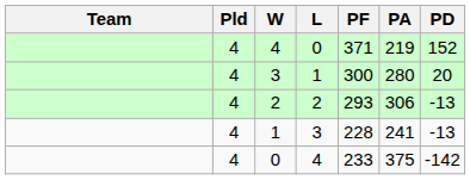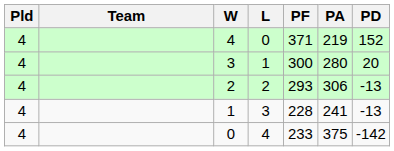 <table class="wikitable" style="text-align:center;">
 <tr>
+<th width=30>Pld</th>
 <th width=180>Team</th>
-<th width=30>Pld</th>
 <th width=30>W</th>
 <th width=30>L</th>
 <th width=30>PF</th>
 <th width=30>PA</th>
 <th width=30>PD</th>
 </tr>
 <tr bgcolor="#ccffcc">
+<td>4</td>
 <td align=left></td>
-<td>4</td>
 <td>4</td>
 <td>0</td>
 <td>371</td>
 <td>219</td>
 <td>152</td>
 </tr>
 <tr bgcolor="#ccffcc">
+<td>4</td>
 <td align=left></td>
-<td>4</td>
 <td>3</td>
 <td>1</td>
 <td>300</td>
 <td>280</td>
 <td>20</td>
 </tr>
 <tr bgcolor="#ccffcc">
+<td>4</td>
 <td align=left></td>
-<td>4</td>
 <td>2</td>
 <td>2</td>
 <td>293</td>
 <td>306</td>
 <td>-13</td>
 </tr>
 <tr>
+<td>4</td>
 <td align=left></td>
-<td>4</td>
 <td>1</td>
 <td>3</td>
 <td>228</td>
 <td>241</td>
 <td>-13</td>
 </tr>
 <tr>
+<td>4</td>
 <td align=left></td>
-<td>4</td>
 <td>0</td>
 <td>4</td>
 <td>233</td>
 <td>375</td>
 <td>-142</td>
 </tr>
 </table>
